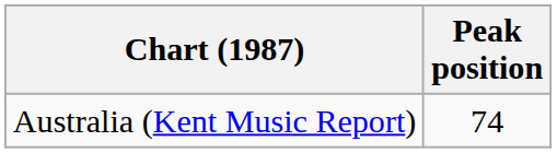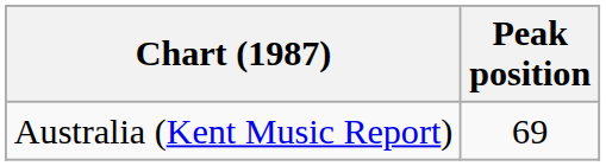 <table class="wikitable">
 <tr>
 <th scope="col">Chart (1987)</th>
 <th>Peak<br>position</th>
 </tr>
 <tr>
 <td>Australia (<a href='#'>Kent Music Report</a>)</td>
-<td style="text-align:center;">74</td>
+<td style="text-align:center;">69</td>
 </tr>
 </table>
